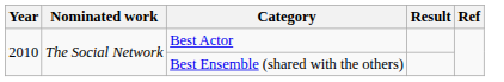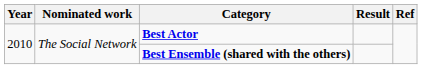 <table class="wikitable">
 <tr>
 <th>Year</th>
 <th>Nominated work</th>
 <th>Category</th>
 <th>Result</th>
 <th>Ref</th>
 </tr>
 <tr>
 <td rowspan=2>2010</td>
 <td rowspan=2><em>The Social Network</em></td>
-<td><a href='#'>Best Actor</a></td>
+<td><strong><a href='#'>Best Actor</a></strong></td>
 <td></td>
 <td rowspan=2></td>
 </tr>
 <tr>
-<td><a href='#'>Best Ensemble</a> (shared with the others)</td>
+<td><strong><a href='#'>Best Ensemble</a> (shared with the others)</strong></td>
 <td></td>
 </tr>
 </table>
